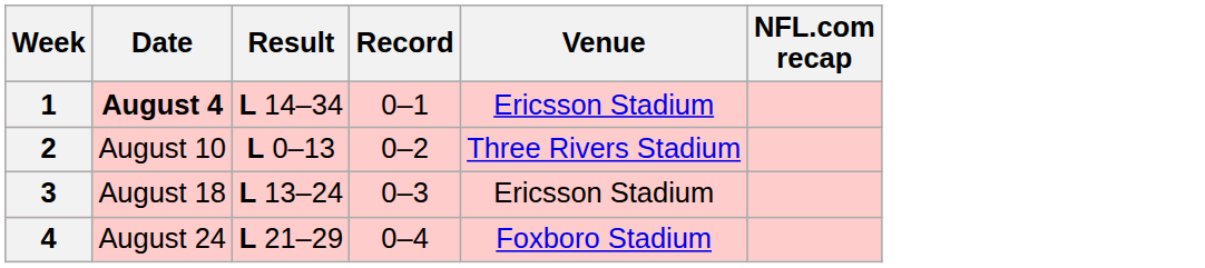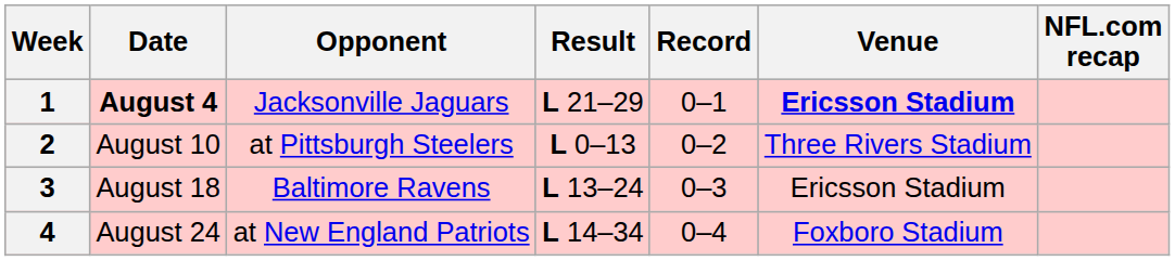 <table class="wikitable" style="text-align:center">
 <tr>
 <th>Week</th>
 <th>Date</th>
+<th>Opponent</th>
 <th>Result</th>
 <th>Record</th>
 <th>Venue</th>
 <th>NFL.com<br>recap</th>
 </tr>
 <tr style="background: #fcc;">
 <th>1</th>
 <td><strong>August 4</strong></td>
-<td><strong>L</strong> 14–34</td>
+<td><a href='#'>Jacksonville Jaguars</a></td>
+<td><strong>L</strong> 21–29</td>
 <td>0–1</td>
-<td><a href='#'>Ericsson Stadium</a></td>
+<td><strong><a href='#'>Ericsson Stadium</a></strong></td>
 <td></td>
 </tr>
 <tr style="background: #fcc;">
 <th>2</th>
 <td>August 10</td>
+<td>at <a href='#'>Pittsburgh Steelers</a></td>
 <td><strong>L</strong> 0–13</td>
 <td>0–2</td>
 <td><a href='#'>Three Rivers Stadium</a></td>
 <td></td>
 </tr>
 <tr style="background: #fcc;">
 <th>3</th>
 <td>August 18</td>
+<td><a href='#'>Baltimore Ravens</a></td>
 <td><strong>L</strong> 13–24</td>
 <td>0–3</td>
 <td>Ericsson Stadium</td>
 <td></td>
 </tr>
 <tr style="background: #fcc;">
 <th>4</th>
 <td>August 24</td>
-<td><strong>L</strong> 21–29</td>
+<td>at <a href='#'>New England Patriots</a></td>
+<td><strong>L</strong> 14–34</td>
 <td>0–4</td>
 <td><a href='#'>Foxboro Stadium</a></td>
 <td></td>
 </tr>
 </table>
